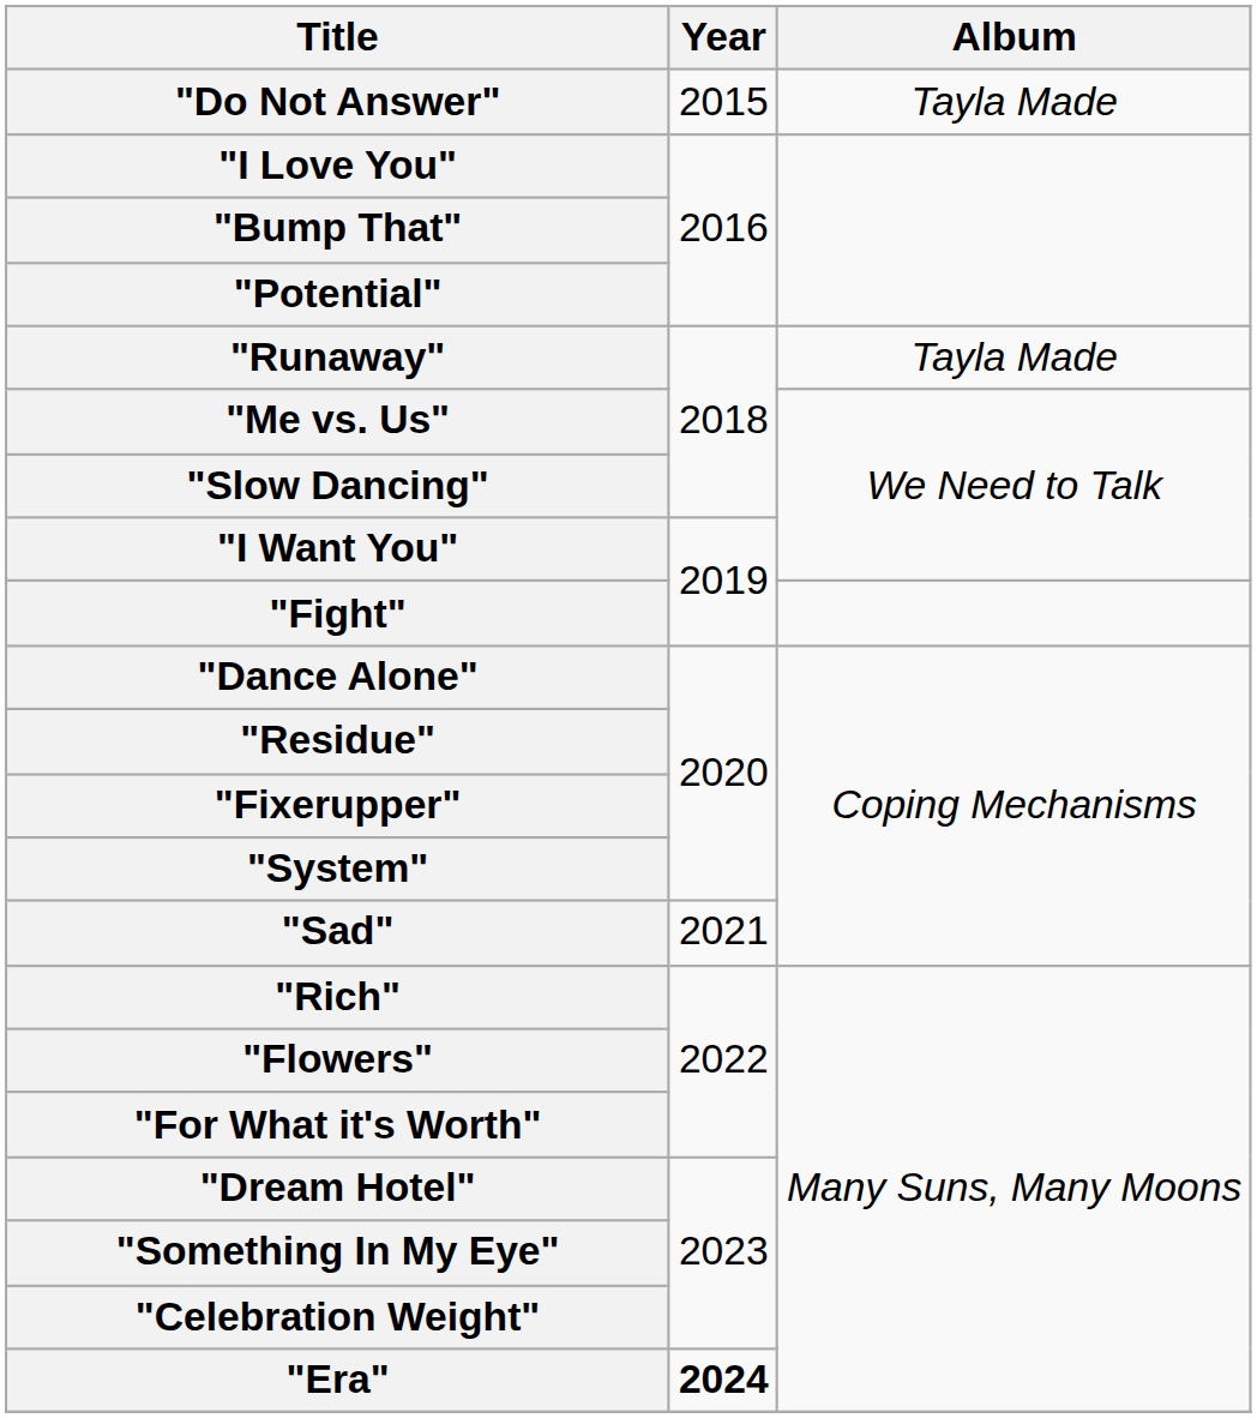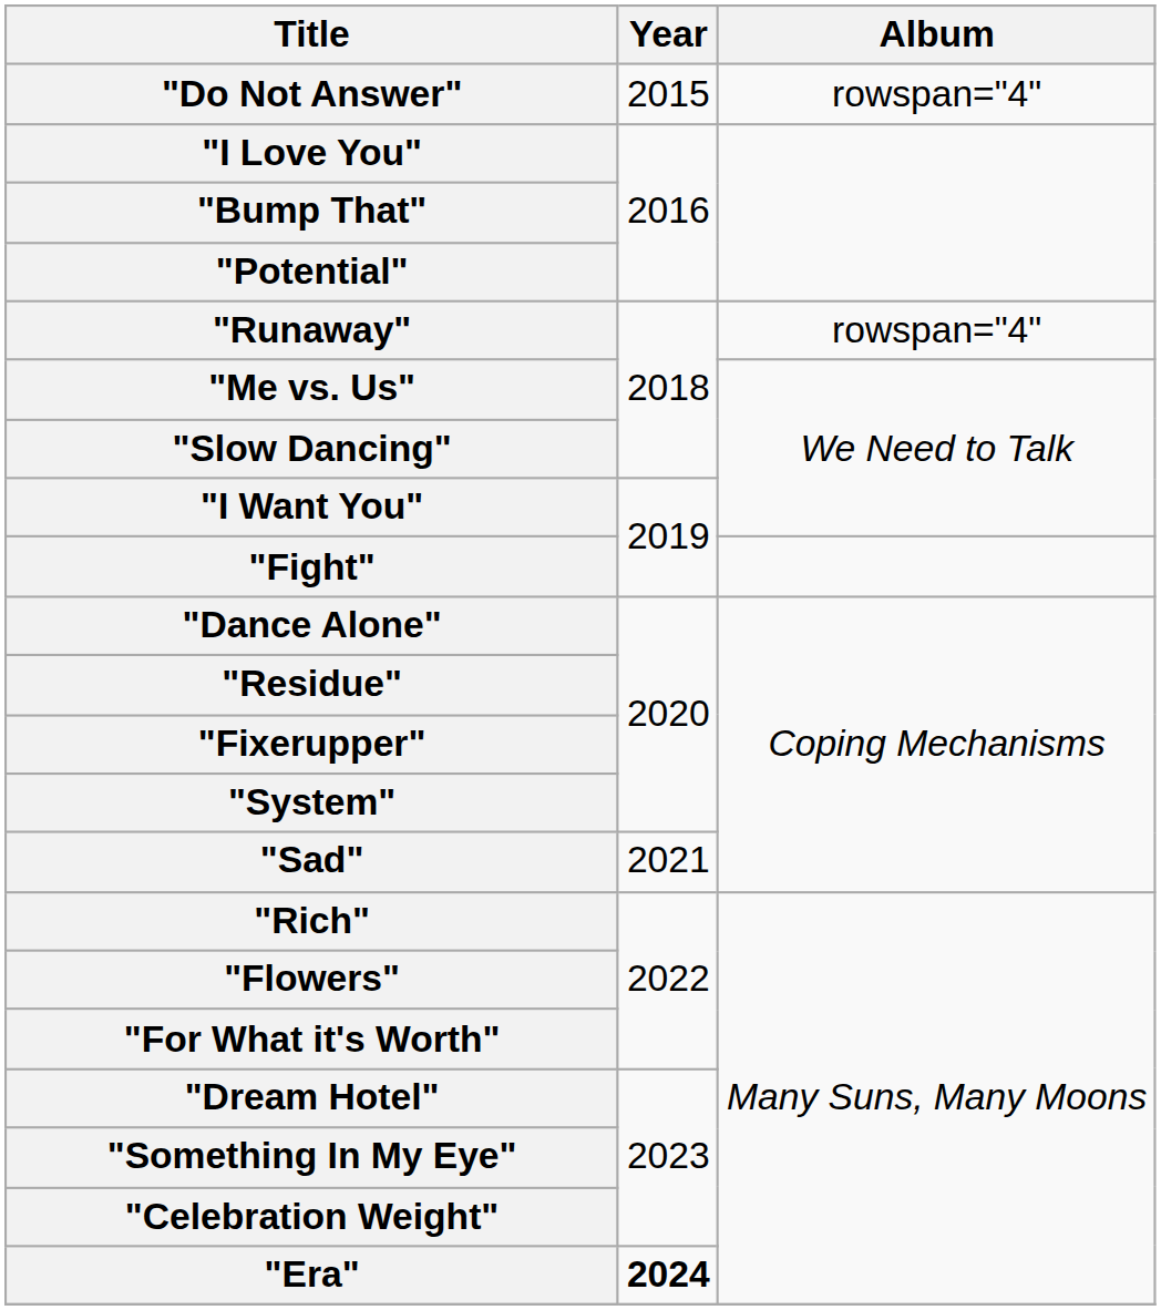 <table class="wikitable plainrowheaders" style="text-align:center;">
 <tr>
 <th scope="col" style="width:16em;">Title</th>
 <th scope="col">Year</th>
 <th scope="col">Album</th>
 </tr>
 <tr>
 <th scope="row">"Do Not Answer"</th>
 <td>2015</td>
-<td><em>Tayla Made</em></td>
+<td>rowspan="4" </td>
 </tr>
 <tr>
 <th scope="row">"I Love You"</th>
 <td rowspan="3">2016</td>
 </tr>
 <tr>
 <th scope="row">"Bump That"</th>
 </tr>
 <tr>
 <th scope="row">"Potential"</th>
 </tr>
 <tr>
 <th scope="row">"Runaway" </th>
 <td rowspan="3">2018</td>
-<td><em>Tayla Made</em></td>
+<td>rowspan="4" </td>
 </tr>
 <tr>
 <th scope="row">"Me vs. Us"</th>
 <td rowspan="3"><em>We Need to Talk</em></td>
 </tr>
 <tr>
 <th scope="row">"Slow Dancing"</th>
 </tr>
 <tr>
 <th scope="row">"I Want You"</th>
 <td rowspan="2">2019</td>
 </tr>
 <tr>
 <th scope="row">"Fight"<br></th>
 <td></td>
 </tr>
 <tr>
 <th scope="row">"Dance Alone"</th>
 <td rowspan="4">2020</td>
 <td rowspan="5"><em>Coping Mechanisms</em></td>
 </tr>
 <tr>
 <th scope="row">"Residue"</th>
 </tr>
 <tr>
 <th scope="row">"Fixerupper"</th>
 </tr>
 <tr>
 <th scope="row">"System"</th>
 </tr>
 <tr>
 <th scope="row">"Sad"</th>
 <td>2021</td>
 </tr>
 <tr>
 <th scope="row">"Rich"</th>
 <td rowspan="3">2022</td>
 <td rowspan="7"><em>Many Suns, Many Moons</em></td>
 </tr>
 <tr>
 <th scope="row">"Flowers"</th>
 </tr>
 <tr>
 <th scope="row">"For What it's Worth"</th>
 </tr>
 <tr>
 <th scope="row">"Dream Hotel"</th>
 <td rowspan="3">2023</td>
 </tr>
 <tr>
 <th scope="row">"Something In My Eye"</th>
 </tr>
 <tr>
 <th scope="row">"Celebration Weight"</th>
 </tr>
 <tr>
 <th scope="row">"Era"<br></th>
 <td><strong>2024</strong></td>
 </tr>
 <tr>
 </tr>
 </table>
